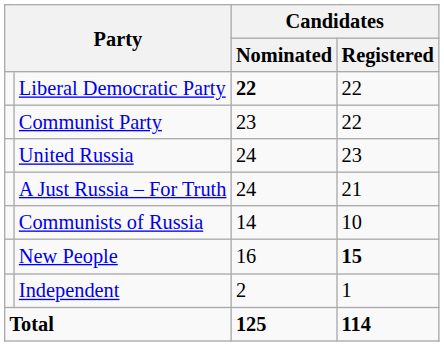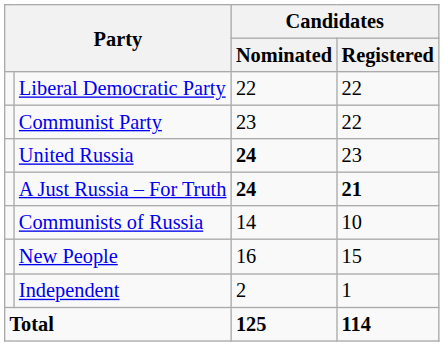 <table class="wikitable sortable" style="background: #f9f9f9; text-align:left; font-size: 95%">
 <tr>
 <th align=center rowspan=2 colspan=2>Party</th>
 <th align=center colspan=2>Candidates</th>
 </tr>
 <tr>
 <th align=center>Nominated</th>
 <th align=center>Registered</th>
 </tr>
 <tr>
 <td></td>
 <td><a href='#'>Liberal Democratic Party</a></td>
-<td><strong>22</strong></td>
+<td>22</td>
 <td>22</td>
 </tr>
 <tr>
 <td></td>
 <td><a href='#'>Communist Party</a></td>
 <td>23</td>
 <td>22</td>
 </tr>
 <tr>
 <td></td>
 <td><a href='#'>United Russia</a></td>
-<td>24</td>
+<td><strong>24</strong></td>
 <td>23</td>
 </tr>
 <tr>
 <td></td>
 <td><a href='#'>A Just Russia – For Truth</a></td>
-<td>24</td>
-<td>21</td>
+<td><strong>24</strong></td>
+<td><strong>21</strong></td>
 </tr>
 <tr>
 <td></td>
 <td><a href='#'>Communists of Russia</a></td>
 <td>14</td>
 <td>10</td>
 </tr>
 <tr>
 <td></td>
 <td><a href='#'>New People</a></td>
 <td>16</td>
-<td><strong>15</strong></td>
+<td>15</td>
 </tr>
 <tr>
 <td></td>
 <td><a href='#'>Independent</a></td>
 <td>2</td>
 <td>1</td>
 </tr>
 <tr>
 <td colspan=2><strong>Total</strong></td>
 <td><strong>125</strong></td>
 <td><strong>114</strong></td>
 </tr>
 </table>
